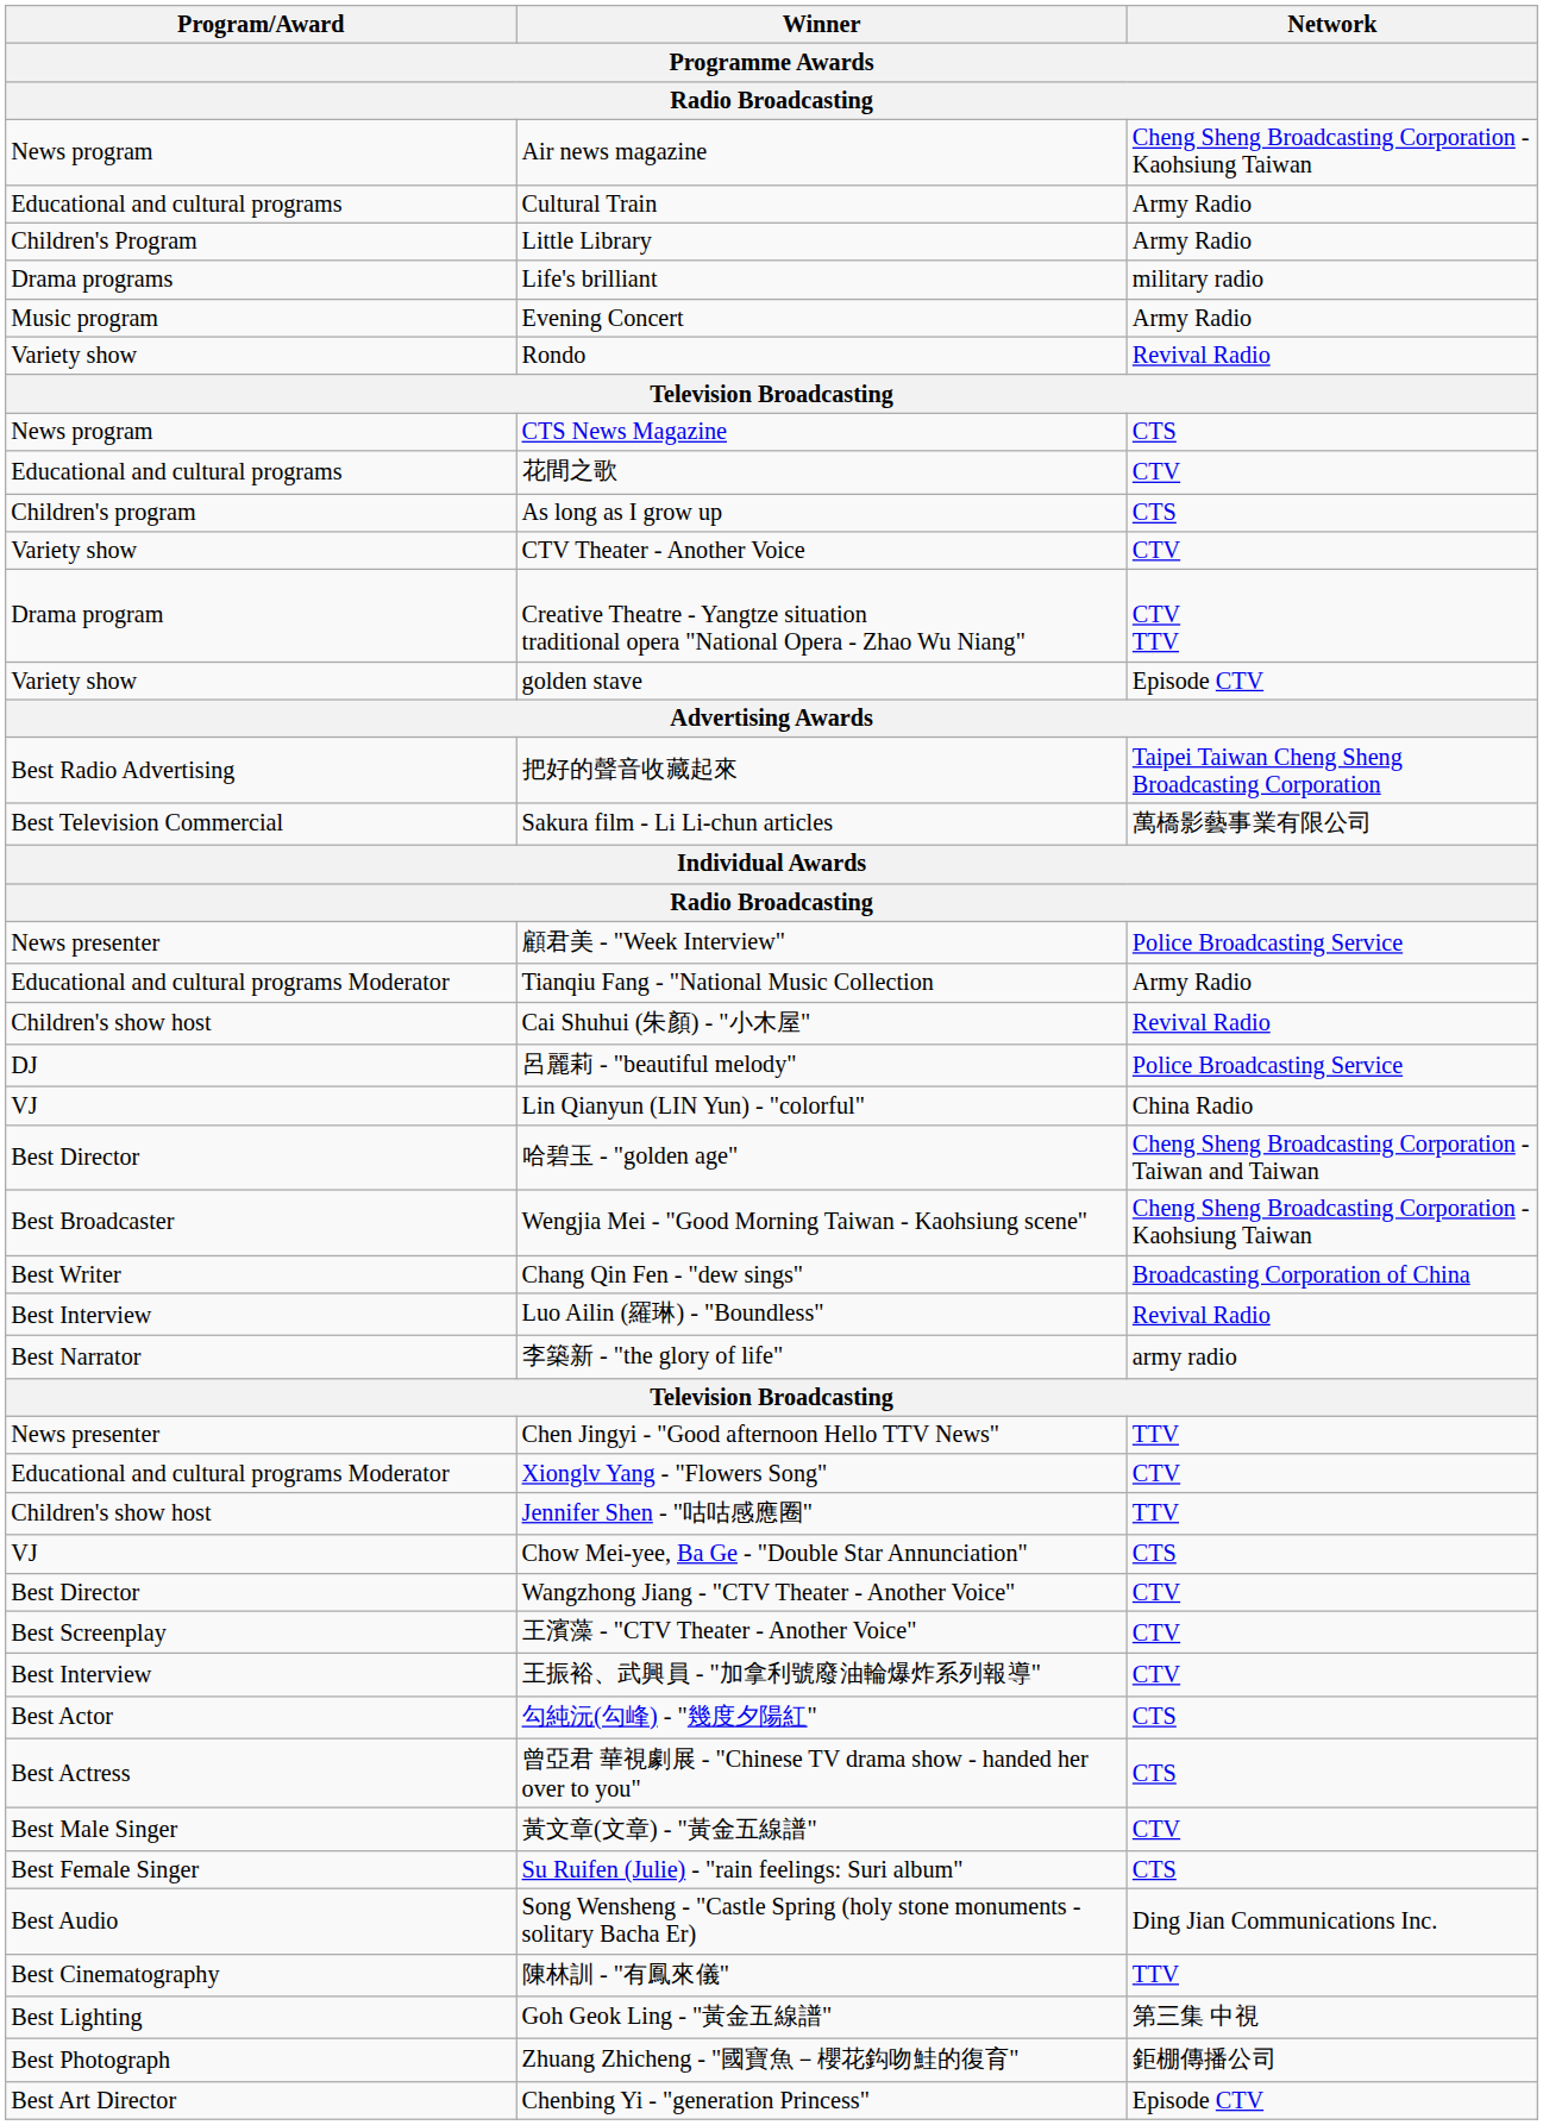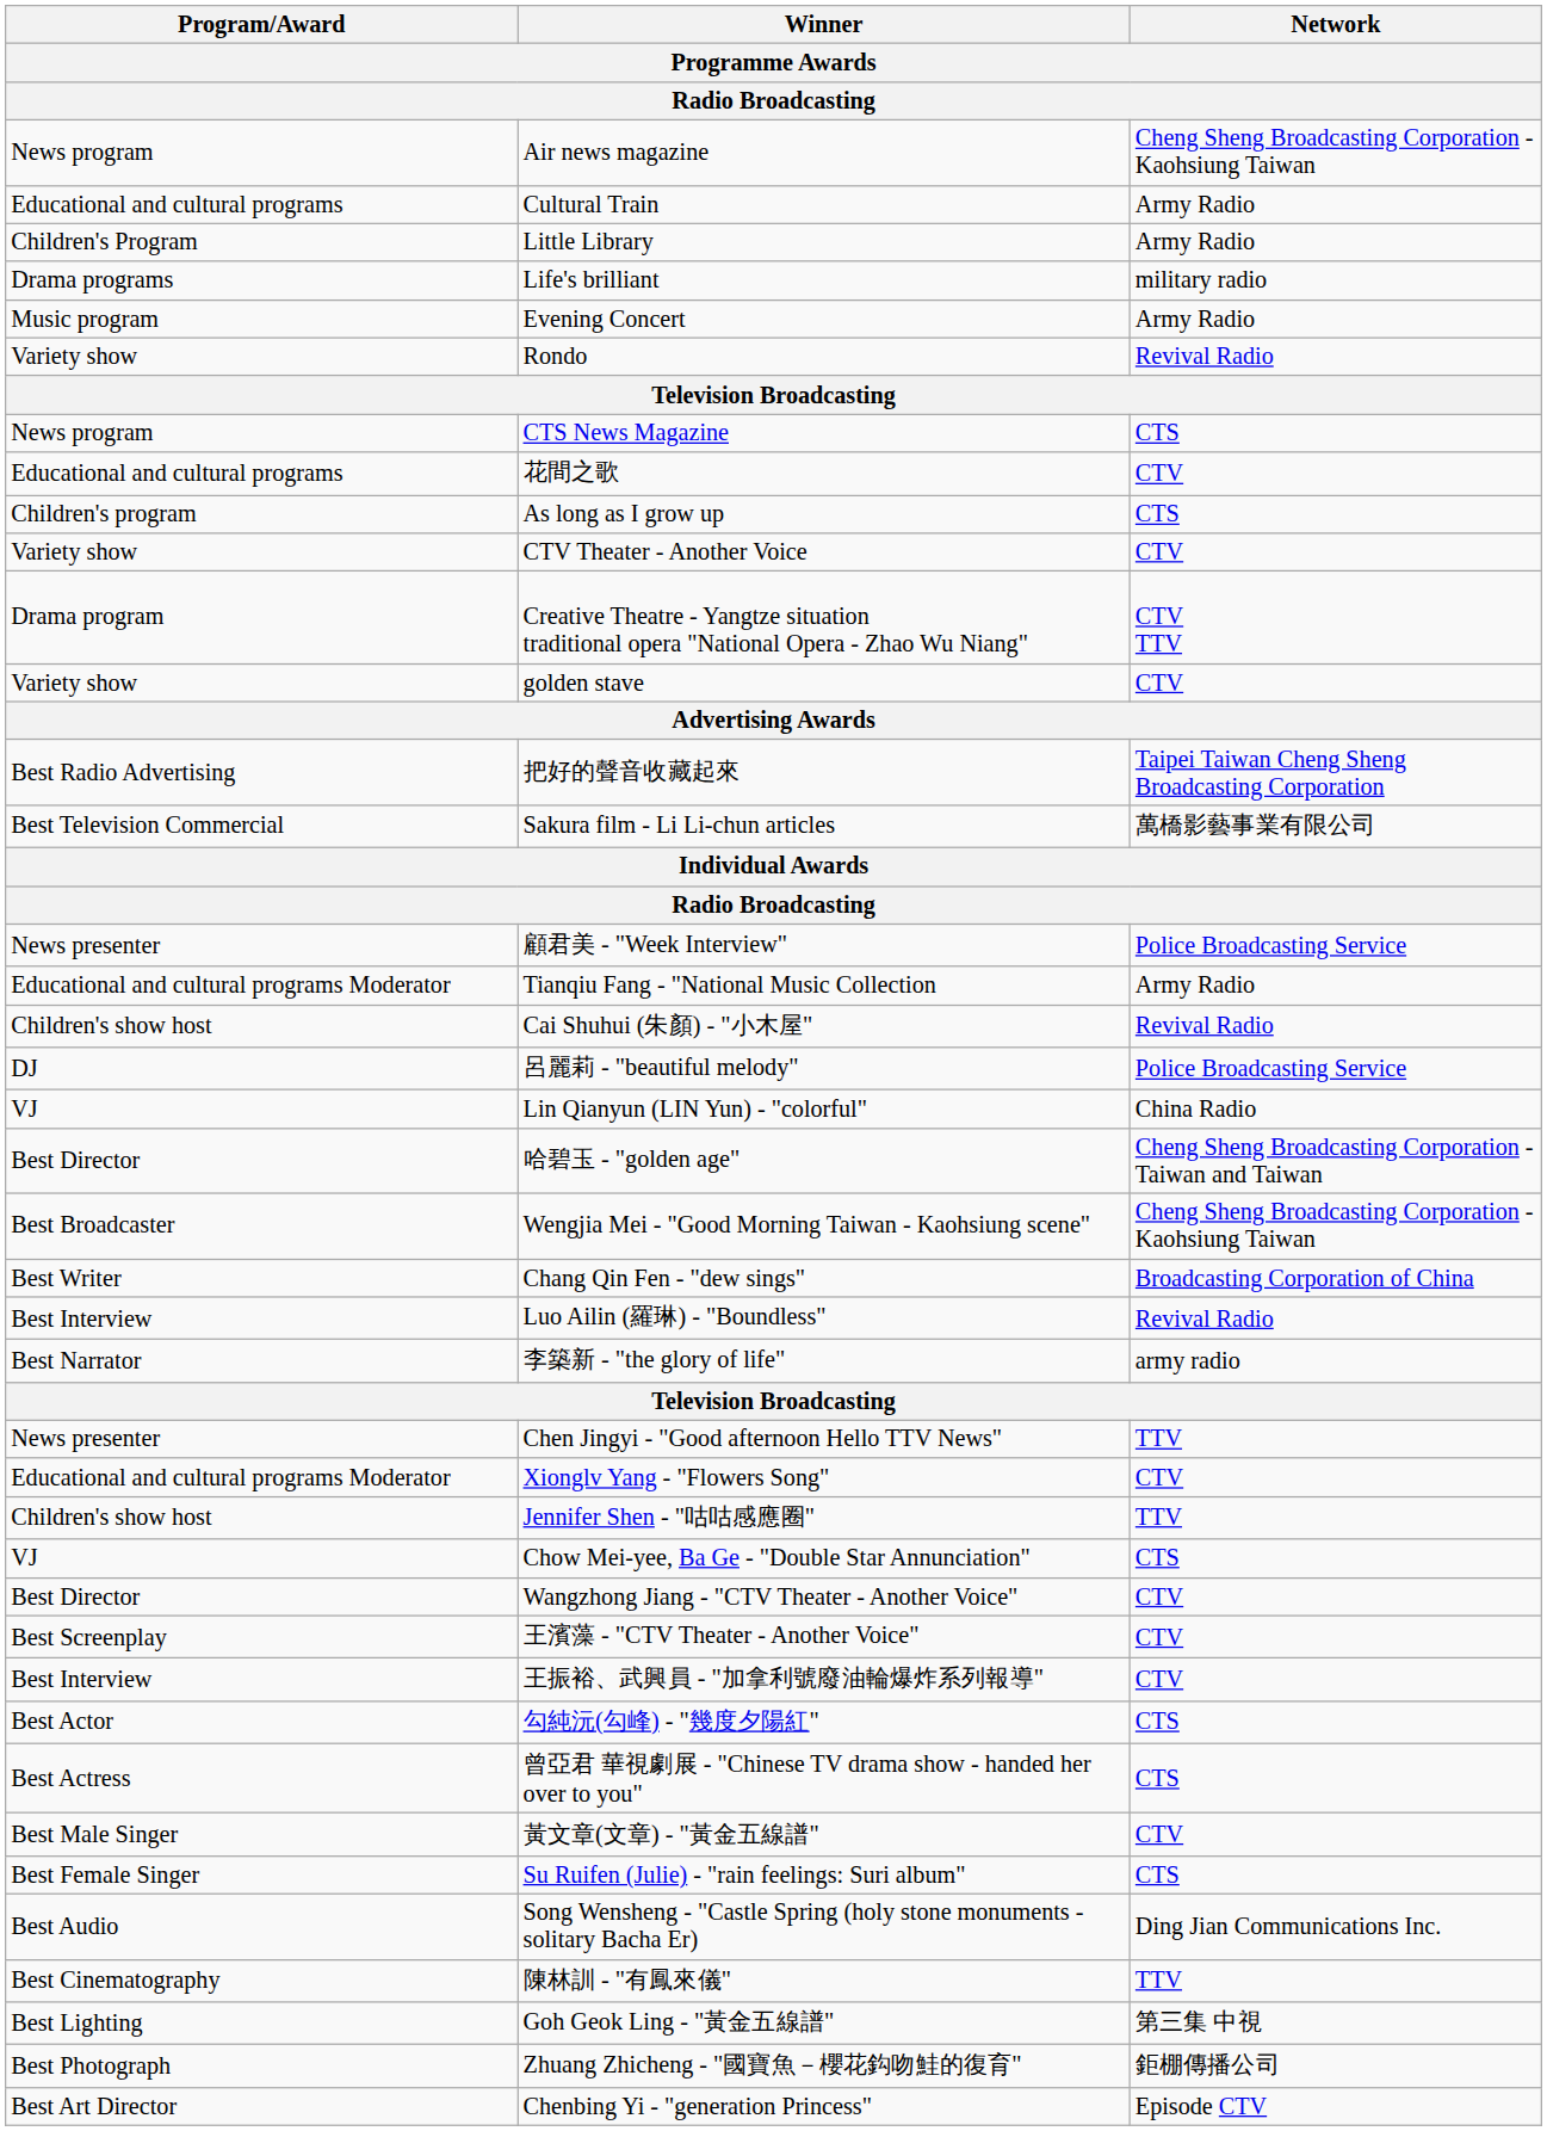 <table class="wikitable">
 <tr>
 <th style="width:250pt;">Program/Award</th>
 <th style="width:300pt;">Winner</th>
 <th style="width:200pt;">Network</th>
 </tr>
 <tr>
 <th colspan=3 style="text-align:center" style="background:#99CCFF;">Programme Awards</th>
 </tr>
 <tr>
 <th colspan=3 style="text-align:center" style="background:LightSteelBlue;">Radio Broadcasting</th>
 </tr>
 <tr>
 <td>News program</td>
 <td>Air news magazine</td>
 <td><a href='#'>Cheng Sheng Broadcasting Corporation</a> - Kaohsiung Taiwan</td>
 </tr>
 <tr>
 <td>Educational and cultural programs</td>
 <td>Cultural Train</td>
 <td>Army Radio</td>
 </tr>
 <tr>
 <td>Children's Program</td>
 <td>Little Library</td>
 <td>Army Radio</td>
 </tr>
 <tr>
 <td>Drama programs</td>
 <td>Life's brilliant</td>
 <td>military radio</td>
 </tr>
 <tr>
 <td>Music program</td>
 <td>Evening Concert</td>
 <td>Army Radio</td>
 </tr>
 <tr>
 <td>Variety show</td>
 <td>Rondo</td>
 <td><a href='#'>Revival Radio</a></td>
 </tr>
 <tr>
 <th colspan=3 style="text-align:center" style="background:LightSteelBlue;">Television Broadcasting</th>
 </tr>
 <tr>
 <td>News program</td>
 <td><a href='#'>CTS News Magazine</a></td>
 <td><a href='#'>CTS</a></td>
 </tr>
 <tr>
 <td>Educational and cultural programs</td>
 <td>花間之歌</td>
 <td><a href='#'>CTV</a></td>
 </tr>
 <tr>
 <td>Children's program</td>
 <td>As long as I grow up</td>
 <td><a href='#'>CTS</a></td>
 </tr>
 <tr>
 <td>Variety show</td>
 <td>CTV Theater - Another Voice</td>
 <td><a href='#'>CTV</a></td>
 </tr>
 <tr>
 <td>Drama program</td>
 <td><br>Creative Theatre - Yangtze situation <br>traditional opera "National Opera - Zhao Wu Niang"</td>
 <td><br><a href='#'>CTV</a> <br><a href='#'>TTV</a></td>
 </tr>
 <tr>
 <td>Variety show</td>
 <td>golden stave</td>
-<td>Episode <a href='#'>CTV</a></td>
+<td><a href='#'>CTV</a></td>
 </tr>
 <tr>
 <th colspan=3 style="text-align:center" style="background:#99CCFF;">Advertising Awards</th>
 </tr>
 <tr>
 <td>Best Radio Advertising</td>
 <td>把好的聲音收藏起來</td>
 <td><a href='#'>Taipei Taiwan Cheng Sheng Broadcasting Corporation</a></td>
 </tr>
 <tr>
 <td>Best Television Commercial</td>
 <td>Sakura film - Li Li-chun articles</td>
 <td>萬橋影藝事業有限公司</td>
 </tr>
 <tr>
 <th colspan=3 style="text-align:center" style="background:#99CCFF;">Individual Awards</th>
 </tr>
 <tr>
 <th colspan=3 style="text-align:center" style="background:LightSteelBlue;">Radio Broadcasting</th>
 </tr>
 <tr>
 <td>News presenter</td>
 <td>顧君美 - "Week Interview"</td>
 <td><a href='#'>Police Broadcasting Service</a></td>
 </tr>
 <tr>
 <td>Educational and cultural programs Moderator</td>
 <td>Tianqiu Fang - "National Music Collection</td>
 <td>Army Radio</td>
 </tr>
 <tr>
 <td>Children's show host</td>
 <td>Cai Shuhui (朱顏) - "小木屋"</td>
 <td><a href='#'>Revival Radio</a></td>
 </tr>
 <tr>
 <td>DJ</td>
 <td>呂麗莉 - "beautiful melody"</td>
 <td><a href='#'>Police Broadcasting Service</a></td>
 </tr>
 <tr>
 <td>VJ</td>
 <td>Lin Qianyun (LIN Yun) - "colorful"</td>
 <td>China Radio</td>
 </tr>
 <tr>
 <td>Best Director</td>
 <td>哈碧玉 - "golden age"</td>
 <td><a href='#'>Cheng Sheng Broadcasting Corporation</a> - Taiwan and Taiwan</td>
 </tr>
 <tr>
 <td>Best Broadcaster</td>
 <td>Wengjia Mei - "Good Morning Taiwan - Kaohsiung scene"</td>
 <td><a href='#'>Cheng Sheng Broadcasting Corporation</a> - Kaohsiung Taiwan</td>
 </tr>
 <tr>
 <td>Best Writer</td>
 <td>Chang Qin Fen - "dew sings"</td>
 <td><a href='#'>Broadcasting Corporation of China</a></td>
 </tr>
 <tr>
 <td>Best Interview</td>
 <td>Luo Ailin (羅琳) - "Boundless"</td>
 <td><a href='#'>Revival Radio</a></td>
 </tr>
 <tr>
 <td>Best Narrator</td>
 <td>李築新 - "the glory of life"</td>
 <td>army radio</td>
 </tr>
 <tr>
 <th colspan=3 style="text-align:center" style="background:LightSteelBlue;">Television Broadcasting</th>
 </tr>
 <tr>
 <td>News presenter</td>
 <td>Chen Jingyi - "Good afternoon Hello TTV News"</td>
 <td><a href='#'>TTV</a></td>
 </tr>
 <tr>
 <td>Educational and cultural programs Moderator</td>
 <td><a href='#'>Xionglv Yang</a> - "Flowers Song"</td>
 <td><a href='#'>CTV</a></td>
 </tr>
 <tr>
 <td>Children's show host</td>
 <td><a href='#'>Jennifer Shen</a> - "咕咕感應圈"</td>
 <td><a href='#'>TTV</a></td>
 </tr>
 <tr>
 <td>VJ</td>
 <td>Chow Mei-yee, <a href='#'>Ba Ge</a> - "Double Star Annunciation"</td>
 <td><a href='#'>CTS</a></td>
 </tr>
 <tr>
 <td>Best Director</td>
 <td>Wangzhong Jiang - "CTV Theater - Another Voice"</td>
 <td><a href='#'>CTV</a></td>
 </tr>
 <tr>
 <td>Best Screenplay</td>
 <td>王濱藻 - "CTV Theater - Another Voice"</td>
 <td><a href='#'>CTV</a></td>
 </tr>
 <tr>
 <td>Best Interview</td>
 <td>王振裕、武興員 - "加拿利號廢油輪爆炸系列報導"</td>
 <td><a href='#'>CTV</a></td>
 </tr>
 <tr>
 <td>Best Actor</td>
 <td><a href='#'>勾純沅(勾峰)</a> - "<a href='#'>幾度夕陽紅</a>"</td>
 <td><a href='#'>CTS</a></td>
 </tr>
 <tr>
 <td>Best Actress</td>
 <td>曾亞君 華視劇展 - "Chinese TV drama show - handed her over to you"</td>
 <td><a href='#'>CTS</a></td>
 </tr>
 <tr>
 <td>Best Male Singer</td>
 <td>黃文章(文章) - "黃金五線譜"</td>
 <td><a href='#'>CTV</a></td>
 </tr>
 <tr>
 <td>Best Female Singer</td>
 <td><a href='#'>Su Ruifen (Julie)</a> - "rain feelings: Suri album"</td>
 <td><a href='#'>CTS</a></td>
 </tr>
 <tr>
 <td>Best Audio</td>
 <td>Song Wensheng - "Castle Spring (holy stone monuments - solitary Bacha Er)</td>
 <td>Ding Jian Communications Inc.</td>
 </tr>
 <tr>
 <td>Best Cinematography</td>
 <td>陳林訓 - "有鳳來儀"</td>
 <td><a href='#'>TTV</a></td>
 </tr>
 <tr>
 <td>Best Lighting</td>
 <td>Goh Geok Ling - "黃金五線譜"</td>
 <td>第三集 中視</td>
 </tr>
 <tr>
 <td>Best Photograph</td>
 <td>Zhuang Zhicheng - "國寶魚－櫻花鈎吻鮭的復育"</td>
 <td>鉅棚傳播公司</td>
 </tr>
 <tr>
 <td>Best Art Director</td>
 <td>Chenbing Yi - "generation Princess"</td>
 <td>Episode <a href='#'>CTV</a></td>
 </tr>
 </table>
